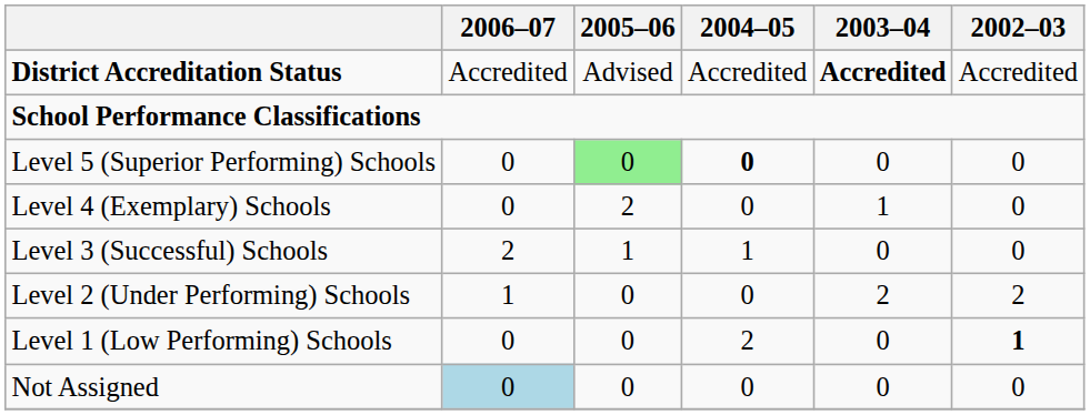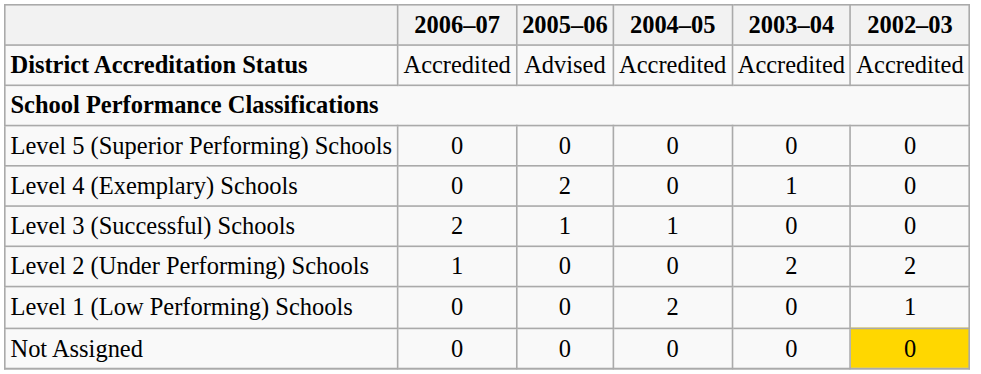 <table class="wikitable" style="font-size: 95%;">
 <tr>
 <th></th>
 <th>2006–07</th>
 <th>2005–06</th>
 <th>2004–05</th>
 <th>2003–04</th>
 <th>2002–03</th>
 </tr>
 <tr>
 <td align="left"><strong>District Accreditation Status</strong></td>
 <td align="center">Accredited</td>
 <td align="center">Advised</td>
 <td align="center">Accredited</td>
-<td align="center"><strong>Accredited</strong></td>
+<td align="center">Accredited</td>
 <td align="center">Accredited</td>
 </tr>
 <tr>
 <td align="left" colspan="6"><strong>School Performance Classifications</strong></td>
 </tr>
 <tr>
 <td align="left">Level 5 (Superior Performing) Schools</td>
 <td align="center">0</td>
-<td align="center" style="background: lightgreen;">0</td>
-<td align="center"><strong>0</strong></td>
+<td align="center">0</td>
+<td align="center">0</td>
 <td align="center">0</td>
 <td align="center">0</td>
 </tr>
 <tr>
 <td align="left">Level 4 (Exemplary) Schools</td>
 <td align="center">0</td>
 <td align="center">2</td>
 <td align="center">0</td>
 <td align="center">1</td>
 <td align="center">0</td>
 </tr>
 <tr>
 <td align="left">Level 3 (Successful) Schools</td>
 <td align="center">2</td>
 <td align="center">1</td>
 <td align="center">1</td>
 <td align="center">0</td>
 <td align="center">0</td>
 </tr>
 <tr>
 <td align="left">Level 2 (Under Performing) Schools</td>
 <td align="center">1</td>
 <td align="center">0</td>
 <td align="center">0</td>
 <td align="center">2</td>
 <td align="center">2</td>
 </tr>
 <tr>
 <td align="left">Level 1 (Low Performing) Schools</td>
 <td align="center">0</td>
 <td align="center">0</td>
 <td align="center">2</td>
 <td align="center">0</td>
-<td align="center"><strong>1</strong></td>
+<td align="center">1</td>
 </tr>
 <tr>
 <td align="left">Not Assigned</td>
-<td align="center" style="background: lightblue;">0</td>
 <td align="center">0</td>
 <td align="center">0</td>
 <td align="center">0</td>
 <td align="center">0</td>
+<td align="center" style="background: gold;">0</td>
 </tr>
 <tr>
 </tr>
 </table>
